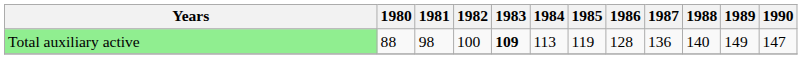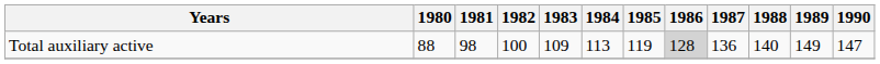 <table class="wikitable">
 <tr>
 <th style="width:47%;">Years</th>
 <th>1980</th>
 <th>1981</th>
 <th>1982</th>
 <th>1983</th>
 <th>1984</th>
 <th>1985</th>
 <th>1986</th>
 <th>1987</th>
 <th>1988</th>
 <th>1989</th>
 <th>1990</th>
 </tr>
 <tr valign="top">
-<td style="background: lightgreen;">Total auxiliary active</td>
+<td>Total auxiliary active</td>
 <td>88</td>
 <td>98</td>
 <td>100</td>
-<td><strong>109</strong></td>
+<td>109</td>
 <td>113</td>
 <td>119</td>
-<td>128</td>
+<td style="background: lightgrey;">128</td>
 <td>136</td>
 <td>140</td>
 <td>149</td>
 <td>147</td>
 </tr>
 <tr>
 </tr>
 </table>
